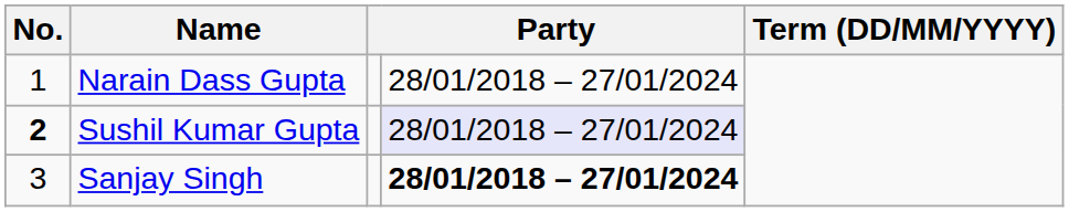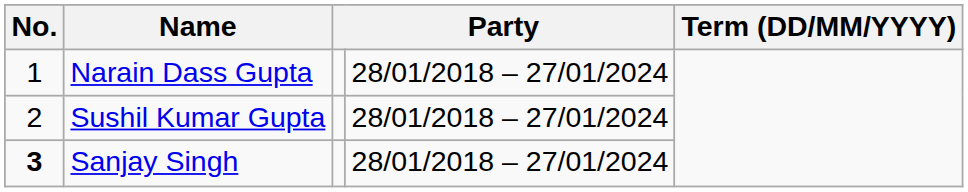 <table class="wikitable sortable">
 <tr>
 <th>No.</th>
 <th>Name</th>
 <th colspan=2>Party</th>
 <th>Term (DD/MM/YYYY)</th>
 </tr>
 <tr>
 <td align="center">1</td>
 <td><a href='#'>Narain Dass Gupta</a></td>
 <td></td>
 <td>28/01/2018 – 27/01/2024</td>
 </tr>
 <tr>
-<td align="center"><strong>2</strong></td>
+<td align="center">2</td>
 <td><a href='#'>Sushil Kumar Gupta</a></td>
 <td></td>
-<td style="background: lavender;">28/01/2018 – 27/01/2024</td>
+<td>28/01/2018 – 27/01/2024</td>
 </tr>
 <tr>
-<td align="center">3</td>
+<td align="center"><strong>3</strong></td>
 <td><a href='#'>Sanjay Singh</a></td>
 <td></td>
-<td><strong>28/01/2018 – 27/01/2024</strong></td>
+<td>28/01/2018 – 27/01/2024</td>
 </tr>
 </table>
